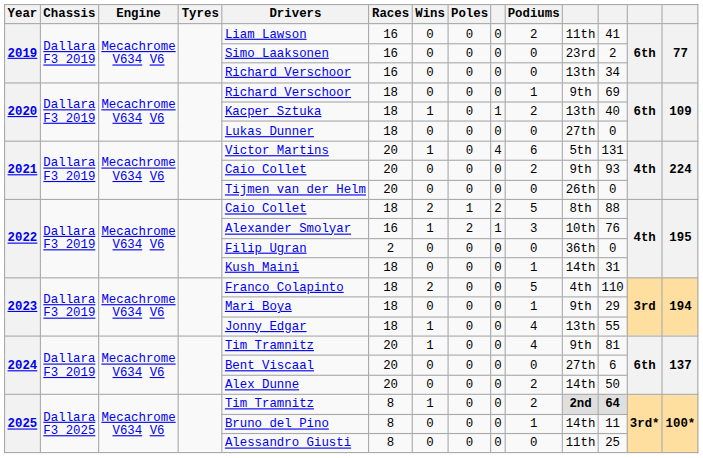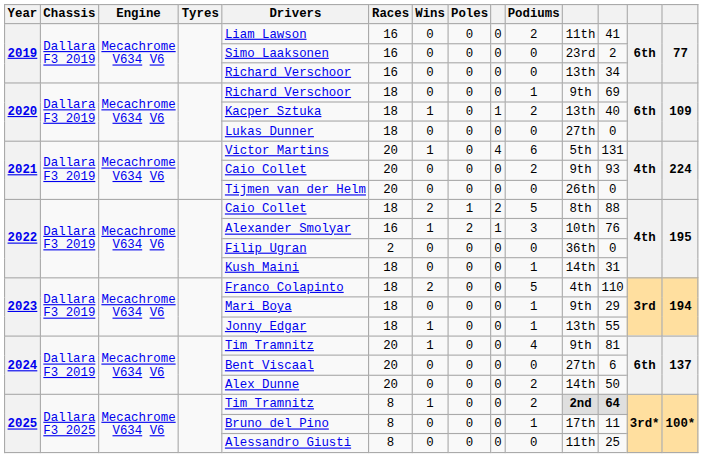 <table class="wikitable" style="text-align:center; font-size:85%">
 <tr>
 <th>Year</th>
 <th>Chassis</th>
 <th>Engine</th>
 <th>Tyres</th>
 <th>Drivers</th>
 <th>Races</th>
 <th>Wins</th>
 <th>Poles</th>
 <th></th>
 <th>Podiums</th>
 <th></th>
 <th></th>
 <th></th>
 <th></th>
 </tr>
 <tr>
 <th rowspan=3><a href='#'>2019</a></th>
 <td rowspan=3><a href='#'>Dallara</a><br><a href='#'>F3 2019</a></td>
 <td rowspan=3><a href='#'>Mecachrome</a><br><a href='#'>V634</a> <a href='#'>V6</a></td>
 <td rowspan=3></td>
 <td align=left> <a href='#'>Liam Lawson</a></td>
 <td>16</td>
 <td>0</td>
 <td>0</td>
 <td>0</td>
 <td>2</td>
 <td>11th</td>
 <td>41</td>
 <th rowspan=3>6th</th>
 <th rowspan=3>77</th>
 </tr>
 <tr>
 <td align=left> <a href='#'>Simo Laaksonen</a></td>
 <td>16</td>
 <td>0</td>
 <td>0</td>
 <td>0</td>
 <td>0</td>
 <td>23rd</td>
 <td>2</td>
 </tr>
 <tr>
 <td align=left> <a href='#'>Richard Verschoor</a></td>
 <td>16</td>
 <td>0</td>
 <td>0</td>
 <td>0</td>
 <td>0</td>
 <td>13th</td>
 <td>34</td>
 </tr>
 <tr>
 <th rowspan=3><a href='#'>2020</a></th>
 <td rowspan=3><a href='#'>Dallara</a><br><a href='#'>F3 2019</a></td>
 <td rowspan=3><a href='#'>Mecachrome</a><br><a href='#'>V634</a> <a href='#'>V6</a></td>
 <td rowspan=3></td>
 <td align=left> <a href='#'>Richard Verschoor</a></td>
 <td>18</td>
 <td>0</td>
 <td>0</td>
 <td>0</td>
 <td>1</td>
 <td>9th</td>
 <td>69</td>
 <th rowspan=3>6th</th>
 <th rowspan=3>109</th>
 </tr>
 <tr>
 <td align=left> <a href='#'>Kacper Sztuka</a></td>
 <td>18</td>
 <td>1</td>
 <td>0</td>
 <td>1</td>
 <td>2</td>
 <td>13th</td>
 <td>40</td>
 </tr>
 <tr>
 <td align=left> <a href='#'>Lukas Dunner</a></td>
 <td>18</td>
 <td>0</td>
 <td>0</td>
 <td>0</td>
 <td>0</td>
 <td>27th</td>
 <td>0</td>
 </tr>
 <tr>
 <th rowspan=3><a href='#'>2021</a></th>
 <td rowspan=3><a href='#'>Dallara</a><br><a href='#'>F3 2019</a></td>
 <td rowspan=3><a href='#'>Mecachrome</a><br><a href='#'>V634</a> <a href='#'>V6</a></td>
 <td rowspan=3></td>
 <td align=left> <a href='#'>Victor Martins</a></td>
 <td>20</td>
 <td>1</td>
 <td>0</td>
 <td>4</td>
 <td>6</td>
 <td>5th</td>
 <td>131</td>
 <th rowspan=3>4th</th>
 <th rowspan=3>224</th>
 </tr>
 <tr>
 <td align=left> <a href='#'>Caio Collet</a></td>
 <td>20</td>
 <td>0</td>
 <td>0</td>
 <td>0</td>
 <td>2</td>
 <td>9th</td>
 <td>93</td>
 </tr>
 <tr>
 <td align=left> <a href='#'>Tijmen van der Helm</a></td>
 <td>20</td>
 <td>0</td>
 <td>0</td>
 <td>0</td>
 <td>0</td>
 <td>26th</td>
 <td>0</td>
 </tr>
 <tr>
 <th rowspan=4><a href='#'>2022</a></th>
 <td rowspan=4><a href='#'>Dallara</a><br><a href='#'>F3 2019</a></td>
 <td rowspan=4><a href='#'>Mecachrome</a><br><a href='#'>V634</a> <a href='#'>V6</a></td>
 <td rowspan=4></td>
 <td align=left> <a href='#'>Caio Collet</a></td>
 <td>18</td>
 <td>2</td>
 <td>1</td>
 <td>2</td>
 <td>5</td>
 <td>8th</td>
 <td>88</td>
 <th rowspan=4 style="background:#;">4th</th>
 <th rowspan=4 style="background:#;">195</th>
 </tr>
 <tr>
 <td align=left> <a href='#'>Alexander Smolyar</a></td>
 <td>16</td>
 <td>1</td>
 <td>2</td>
 <td>1</td>
 <td>3</td>
 <td>10th</td>
 <td>76</td>
 </tr>
 <tr>
 <td align=left> <a href='#'>Filip Ugran</a></td>
 <td>2</td>
 <td>0</td>
 <td>0</td>
 <td>0</td>
 <td>0</td>
 <td>36th</td>
 <td>0</td>
 </tr>
 <tr>
 <td align=left> <a href='#'>Kush Maini</a></td>
 <td>18</td>
 <td>0</td>
 <td>0</td>
 <td>0</td>
 <td>1</td>
 <td>14th</td>
 <td>31</td>
 </tr>
 <tr>
 <th rowspan=3><a href='#'>2023</a></th>
 <td rowspan=3><a href='#'>Dallara</a><br><a href='#'>F3 2019</a></td>
 <td rowspan=3><a href='#'>Mecachrome</a><br><a href='#'>V634</a> <a href='#'>V6</a></td>
 <td rowspan=3></td>
 <td align=left> <a href='#'>Franco Colapinto</a></td>
 <td>18</td>
 <td>2</td>
 <td>0</td>
 <td>0</td>
 <td>5</td>
 <td>4th</td>
 <td>110</td>
 <th rowspan=3 style="background:#FFDF9F;">3rd</th>
 <th rowspan=3 style="background:#FFDF9F;">194</th>
 </tr>
 <tr>
 <td align=left> <a href='#'>Mari Boya</a></td>
 <td>18</td>
 <td>0</td>
 <td>0</td>
 <td>0</td>
 <td>1</td>
 <td style="background:#;">9th</td>
 <td style="background:#;">29</td>
 </tr>
 <tr>
 <td align=left> <a href='#'>Jonny Edgar</a></td>
 <td>18</td>
 <td>1</td>
 <td>0</td>
 <td>0</td>
-<td>4</td>
+<td>1</td>
 <td>13th</td>
 <td>55</td>
 </tr>
 <tr>
 <th rowspan=3><a href='#'>2024</a></th>
 <td rowspan=3><a href='#'>Dallara</a><br><a href='#'>F3 2019</a></td>
 <td rowspan=3><a href='#'>Mecachrome</a><br><a href='#'>V634</a> <a href='#'>V6</a></td>
 <td rowspan=3></td>
 <td align=left> <a href='#'>Tim Tramnitz</a></td>
 <td>20</td>
 <td>1</td>
 <td>0</td>
 <td>0</td>
 <td>4</td>
 <td style="background:#;">9th</td>
 <td style="background:#;">81</td>
 <th rowspan=3 style="background:#;">6th</th>
 <th rowspan=3 style="background:#;">137</th>
 </tr>
 <tr>
 <td align=left> <a href='#'>Bent Viscaal</a></td>
 <td>20</td>
 <td>0</td>
 <td>0</td>
 <td>0</td>
 <td>0</td>
 <td style="background:#;">27th</td>
 <td style="background:#;">6</td>
 </tr>
 <tr>
 <td align=left> <a href='#'>Alex Dunne</a></td>
 <td>20</td>
 <td>0</td>
 <td>0</td>
 <td>0</td>
 <td>2</td>
 <td style="background:#;">14th</td>
 <td style="background:#;">50</td>
 </tr>
 <tr>
 <th rowspan=3><a href='#'>2025</a></th>
 <td rowspan=3><a href='#'>Dallara</a><br><a href='#'>F3 2025</a></td>
 <td rowspan=3><a href='#'>Mecachrome</a><br><a href='#'>V634</a> <a href='#'>V6</a></td>
 <td rowspan=3></td>
 <td align=left> <a href='#'>Tim Tramnitz</a></td>
 <td>8</td>
 <td>1</td>
 <td>0</td>
 <td>0</td>
 <td>2</td>
 <td style="background:#DFDFDF;"><strong>2nd</strong></td>
 <td style="background:#DFDFDF;"><strong>64</strong></td>
 <th rowspan=3 style="background:#FFDF9F;">3rd*</th>
 <th rowspan=3 style="background:#FFDF9F;">100*</th>
 </tr>
 <tr>
 <td align=left> <a href='#'>Bruno del Pino</a></td>
 <td>8</td>
 <td>0</td>
 <td>0</td>
 <td>0</td>
 <td>1</td>
-<td style="background:#;">14th</td>
+<td style="background:#;">17th</td>
 <td style="background:#;">11</td>
 </tr>
 <tr>
 <td align=left> <a href='#'>Alessandro Giusti</a></td>
 <td>8</td>
 <td>0</td>
 <td>0</td>
 <td>0</td>
 <td>0</td>
 <td style="background:#;">11th</td>
 <td style="background:#;">25</td>
 </tr>
 </table>
